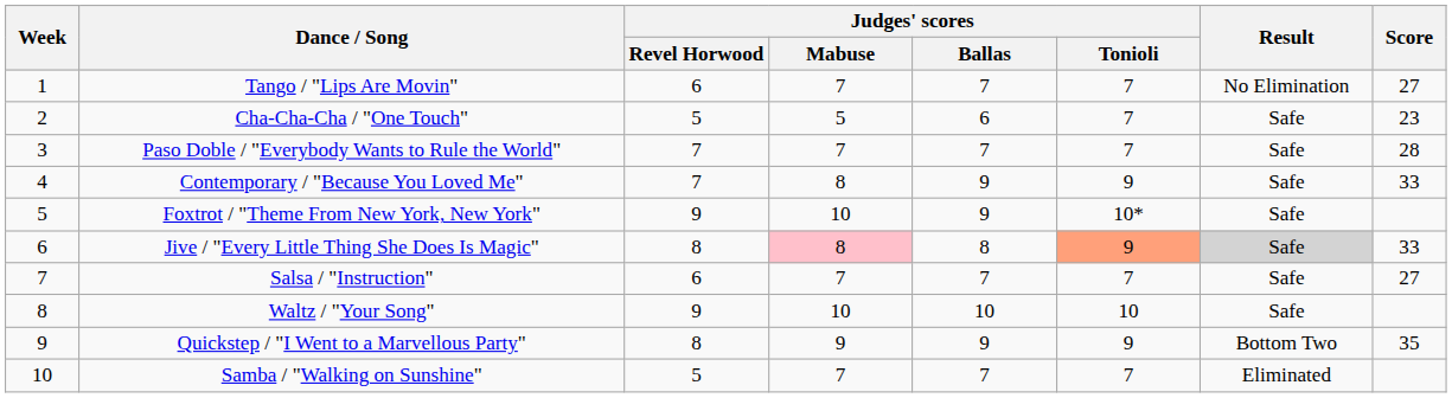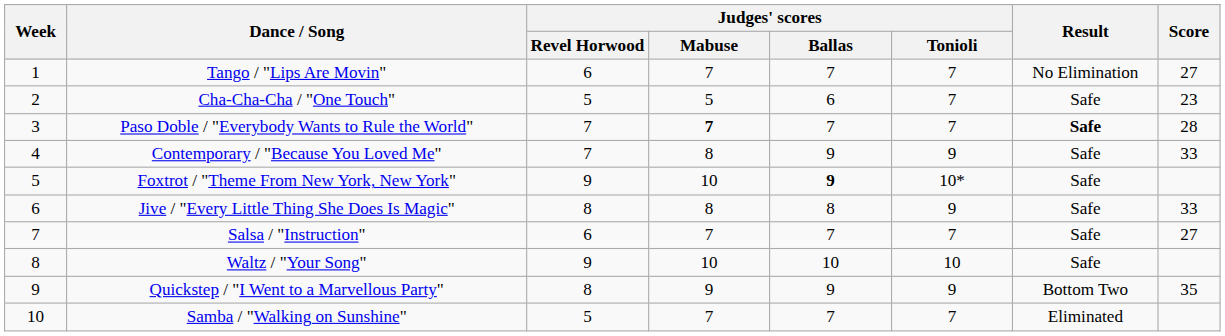 <table class="wikitable collapsible collapsed">
 <tr style="text-align:center; background:#ccc;">
 <th rowspan="2">Week </th>
 <th rowspan="2">Dance / Song</th>
 <th colspan="4">Judges' scores</th>
 <th rowspan="2">Result</th>
 <th rowspan="2">Score</th>
 </tr>
 <tr>
 <th style="width:10%;">Revel Horwood</th>
 <th style="width:10%;">Mabuse</th>
 <th style="width:10%;">Ballas</th>
 <th style="width:10%;">Tonioli</th>
 </tr>
 <tr style="text-align: center;">
 <td>1</td>
 <td><a href='#'>Tango</a> / "<a href='#'>Lips Are Movin</a>"</td>
 <td>6</td>
 <td>7</td>
 <td>7</td>
 <td>7</td>
 <td>No Elimination</td>
 <td>27</td>
 </tr>
 <tr style="text-align: center;">
 <td>2</td>
 <td><a href='#'>Cha-Cha-Cha</a> / "<a href='#'>One Touch</a>"</td>
 <td>5</td>
 <td>5</td>
 <td>6</td>
 <td>7</td>
 <td>Safe</td>
 <td>23</td>
 </tr>
 <tr style="text-align: center;">
 <td>3</td>
 <td><a href='#'>Paso Doble</a> / "<a href='#'>Everybody Wants to Rule the World</a>"</td>
 <td>7</td>
+<td><strong>7</strong></td>
 <td>7</td>
 <td>7</td>
-<td>7</td>
-<td>Safe</td>
+<td><strong>Safe</strong></td>
 <td>28</td>
 </tr>
 <tr style="text-align: center;">
 <td>4</td>
 <td><a href='#'>Contemporary</a> / "<a href='#'>Because You Loved Me</a>"</td>
 <td>7</td>
 <td>8</td>
 <td>9</td>
 <td>9</td>
 <td>Safe</td>
 <td>33</td>
 </tr>
 <tr style="text-align: center;">
 <td>5</td>
 <td><a href='#'>Foxtrot</a> / "<a href='#'>Theme From New York, New York</a>"</td>
 <td>9</td>
 <td>10</td>
-<td>9</td>
+<td><strong>9</strong></td>
 <td>10*</td>
 <td>Safe</td>
 <td></td>
 </tr>
 <tr style="text-align: center;">
 <td>6</td>
 <td><a href='#'>Jive</a> / "<a href='#'>Every Little Thing She Does Is Magic</a>"</td>
 <td>8</td>
-<td style="background: pink;">8</td>
 <td>8</td>
-<td style="background: lightsalmon;">9</td>
-<td style="background: lightgrey;">Safe</td>
+<td>8</td>
+<td>9</td>
+<td>Safe</td>
 <td>33</td>
 </tr>
 <tr style="text-align: center;">
 <td>7</td>
 <td><a href='#'>Salsa</a> / "<a href='#'>Instruction</a>"</td>
 <td>6</td>
 <td>7</td>
 <td>7</td>
 <td>7</td>
 <td>Safe</td>
 <td>27</td>
 </tr>
 <tr style="text-align: center;">
 <td>8</td>
 <td><a href='#'>Waltz</a> / "<a href='#'>Your Song</a>"</td>
 <td>9</td>
 <td>10</td>
 <td>10</td>
 <td>10</td>
 <td>Safe</td>
 <td></td>
 </tr>
 <tr style="text-align: center;">
 <td>9</td>
 <td><a href='#'>Quickstep</a> / "<a href='#'>I Went to a Marvellous Party</a>"</td>
 <td>8</td>
 <td>9</td>
 <td>9</td>
 <td>9</td>
 <td>Bottom Two</td>
 <td>35</td>
 </tr>
 <tr style="text-align: center;">
 <td>10</td>
 <td><a href='#'>Samba</a> / "<a href='#'>Walking on Sunshine</a>"</td>
 <td>5</td>
 <td>7</td>
 <td>7</td>
 <td>7</td>
 <td>Eliminated</td>
 <td></td>
 </tr>
 </table>
